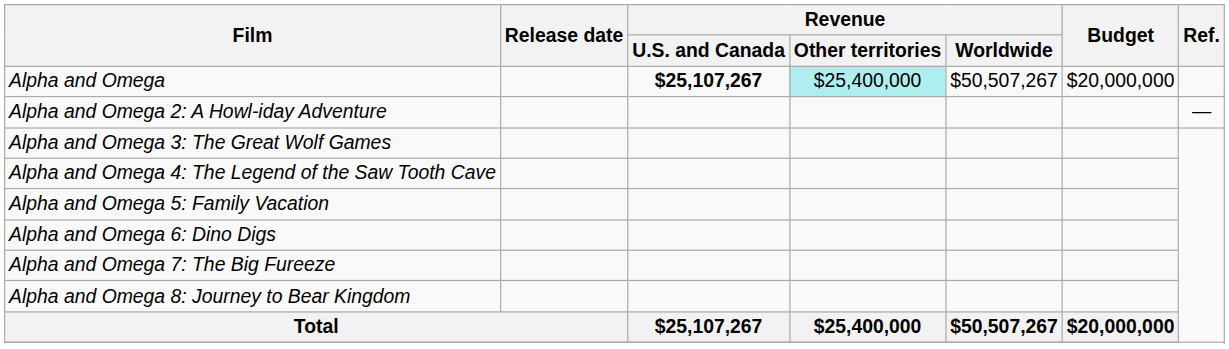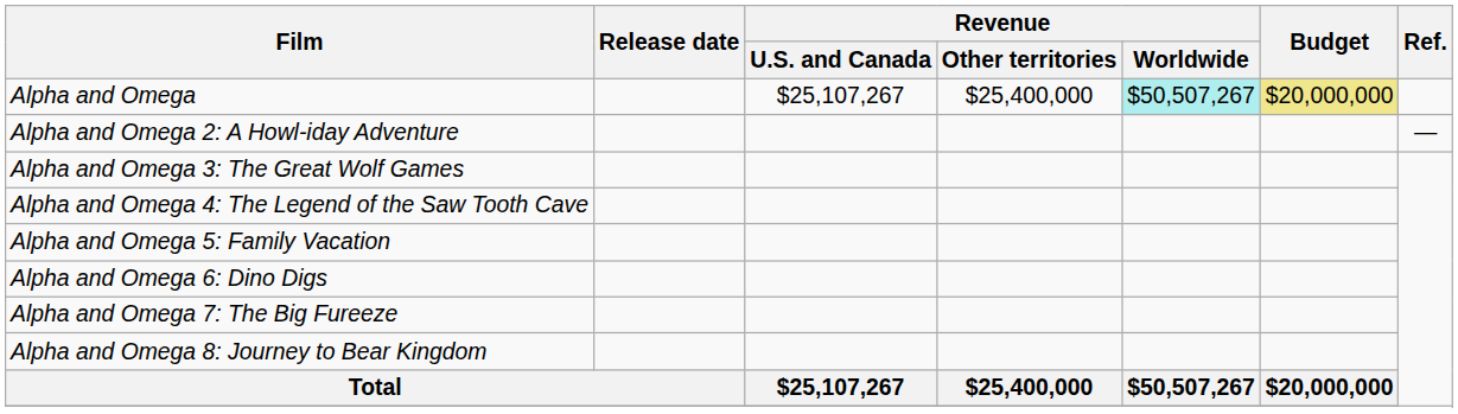 <table class="wikitable" style="text-align: center;">
 <tr>
 <th rowspan="2">Film</th>
 <th rowspan="2">Release date</th>
 <th colspan="3">Revenue</th>
 <th rowspan="2">Budget</th>
 <th rowspan="2">Ref.</th>
 </tr>
 <tr>
 <th>U.S. and Canada</th>
 <th>Other territories</th>
 <th>Worldwide</th>
 </tr>
 <tr>
 <td style="text-align:left"><em>Alpha and Omega</em></td>
 <td style="text-align:left"></td>
-<td><strong>$25,107,267</strong></td>
-<td style="background: paleturquoise;">$25,400,000</td>
-<td>$50,507,267</td>
-<td>$20,000,000</td>
+<td>$25,107,267</td>
+<td>$25,400,000</td>
+<td style="background: paleturquoise;">$50,507,267</td>
+<td style="background: khaki;">$20,000,000</td>
 <td></td>
 </tr>
 <tr>
 <td style="text-align:left"><em>Alpha and Omega 2: A Howl-iday Adventure</em></td>
 <td style="text-align:left"></td>
 <td></td>
 <td></td>
 <td></td>
 <td></td>
 <td>—</td>
 </tr>
 <tr>
 <td style="text-align:left"><em>Alpha and Omega 3: The Great Wolf Games</em></td>
 <td style="text-align:left"></td>
 <td></td>
 <td></td>
 <td></td>
 <td></td>
 </tr>
 <tr>
 <td style="text-align:left"><em>Alpha and Omega 4: The Legend of the Saw Tooth Cave</em></td>
 <td style="text-align:left"></td>
 <td></td>
 <td></td>
 <td></td>
 <td></td>
 </tr>
 <tr>
 <td style="text-align:left"><em>Alpha and Omega 5: Family Vacation</em></td>
 <td style="text-align:left"></td>
 <td></td>
 <td></td>
 <td></td>
 <td></td>
 </tr>
 <tr>
 <td style="text-align:left"><em>Alpha and Omega 6: Dino Digs</em></td>
 <td style="text-align:left"></td>
 <td></td>
 <td></td>
 <td></td>
 <td></td>
 </tr>
 <tr>
 <td style="text-align:left"><em>Alpha and Omega 7: The Big Fureeze</em></td>
 <td style="text-align:left"></td>
 <td></td>
 <td></td>
 <td></td>
 <td></td>
 </tr>
 <tr>
 <td style="text-align:left"><em>Alpha and Omega 8: Journey to Bear Kingdom</em></td>
 <td style="text-align:left"></td>
 <td></td>
 <td></td>
 <td></td>
 <td></td>
 </tr>
 <tr>
 <th colspan=2>Total</th>
 <th>$25,107,267</th>
 <th>$25,400,000</th>
 <th>$50,507,267</th>
 <th>$20,000,000</th>
 </tr>
 <tr>
 </tr>
 </table>
